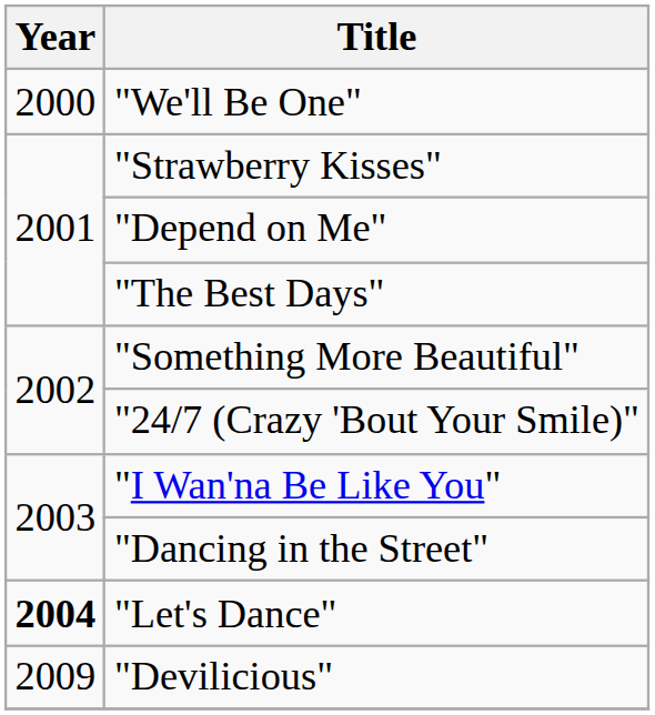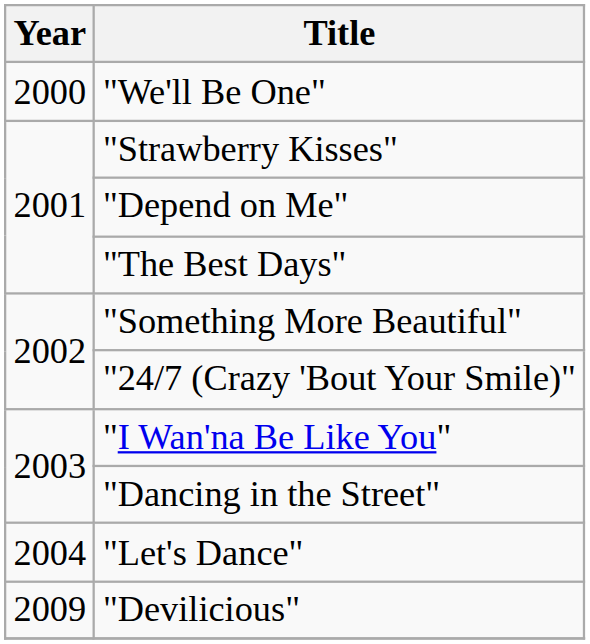 <table class="wikitable">
 <tr>
 <th>Year</th>
 <th>Title</th>
 </tr>
 <tr>
 <td>2000</td>
 <td>"We'll Be One"</td>
 </tr>
 <tr>
 <td rowspan="3">2001</td>
 <td>"Strawberry Kisses"</td>
 </tr>
 <tr>
 <td>"Depend on Me"</td>
 </tr>
 <tr>
 <td>"The Best Days"</td>
 </tr>
 <tr>
 <td rowspan="2">2002</td>
 <td>"Something More Beautiful"</td>
 </tr>
 <tr>
 <td>"24/7 (Crazy 'Bout Your Smile)"</td>
 </tr>
 <tr>
 <td rowspan="2">2003</td>
 <td>"<a href='#'>I Wan'na Be Like You</a>"</td>
 </tr>
 <tr>
 <td>"Dancing in the Street"</td>
 </tr>
 <tr>
-<td><strong>2004</strong></td>
+<td>2004</td>
 <td>"Let's Dance"</td>
 </tr>
 <tr>
 <td>2009</td>
 <td>"Devilicious"</td>
 </tr>
 <tr>
 </tr>
 </table>
